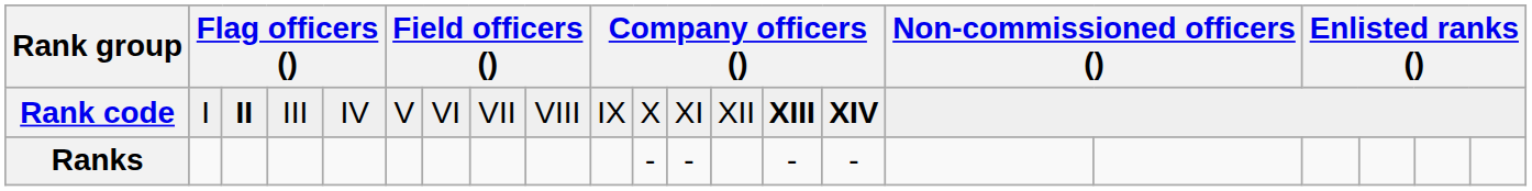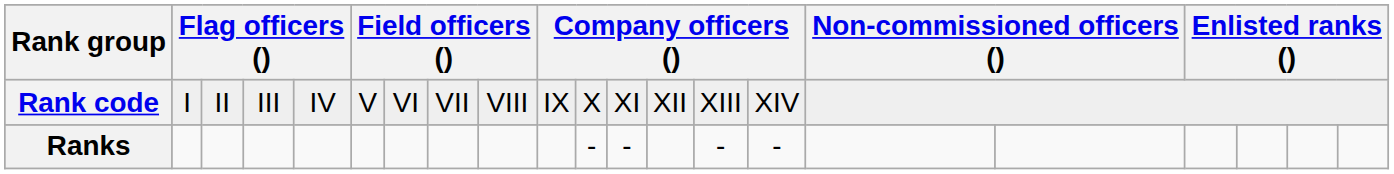 <table class="wikitable">
 <tr align="center" style="background:#cfcfcf;">
 <th>Rank group</th>
 <th colspan=4><a href='#'>Flag officers</a><br>()</th>
 <th colspan=4><a href='#'>Field officers</a><br>()</th>
 <th colspan=6><a href='#'>Company officers</a><br>()</th>
 <th colspan=2><a href='#'>Non-commissioned officers</a><br>()</th>
 <th colspan=4><a href='#'>Enlisted ranks</a><br>()</th>
 </tr>
 <tr style="background:#efefef;text-align:center;">
 <th colspan=1><a href='#'>Rank code</a></th>
 <td colspan=1>I</td>
-<td colspan=1><strong>II</strong></td>
+<td colspan=1>II</td>
 <td colspan=1>III</td>
 <td colspan=1>IV</td>
 <td colspan=1>V</td>
 <td colspan=1>VI</td>
 <td colspan=1>VII</td>
 <td colspan=1>VIII</td>
 <td colspan=1>IX</td>
 <td colspan=1>X</td>
 <td colspan=1>XI</td>
 <td colspan=1>XII</td>
-<td colspan=1><strong>XIII</strong></td>
-<td colspan=1><strong>XIV</strong></td>
+<td colspan=1>XIII</td>
+<td colspan=1>XIV</td>
 <td colspan=6></td>
 </tr>
 <tr align="center">
 <th>Ranks</th>
 <td><br></td>
 <td><br></td>
 <td><br></td>
 <td><br></td>
 <td><br></td>
 <td><br></td>
 <td><br></td>
 <td><br></td>
 <td><br></td>
 <td>-</td>
 <td>-</td>
 <td><br></td>
 <td>-</td>
 <td>-</td>
 <td><br></td>
 <td><br></td>
 <td><br></td>
 <td><br></td>
 <td><br></td>
 <td><br></td>
 </tr>
 </table>
